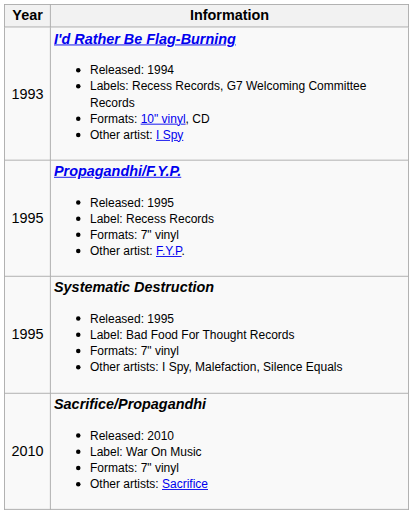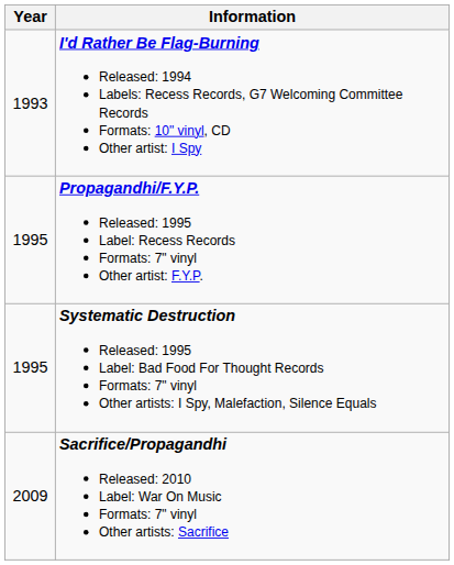 <table class="wikitable">
 <tr>
 <th rowspan="1" width="44">Year</th>
 <th rowspan="1" width="390">Information</th>
 </tr>
 <tr>
 <td align=center width="44">1993</td>
 <td width="390"><strong><em><a href='#'>I'd Rather Be Flag-Burning</a></em></strong><br><ul><li><small>Released: 1994</small></li><li><small>Labels: Recess Records, G7 Welcoming Committee Records</small></li><li><small>Formats: <a href='#'>10" vinyl</a>, CD</small></li><li><small>Other artist: <a href='#'>I Spy</a></small></li></ul></td>
 </tr>
 <tr>
 <td align=center width="44">1995</td>
 <td width="390"><strong><em><a href='#'>Propagandhi/F.Y.P.</a></em></strong><br><ul><li><small>Released: 1995</small></li><li><small>Label: Recess Records</small></li><li><small>Formats: 7" vinyl</small></li><li><small>Other artist: <a href='#'>F.Y.P</a>.</small></li></ul></td>
 </tr>
 <tr>
 <td align=center width="44">1995</td>
 <td width="390"><strong><em>Systematic Destruction</em></strong><br><ul><li><small>Released: 1995</small></li><li><small>Label: Bad Food For Thought Records</small></li><li><small>Formats: 7" vinyl</small></li><li><small>Other artists: I Spy, Malefaction, Silence Equals</small></li></ul></td>
 </tr>
 <tr>
-<td align=center width="44">2010</td>
+<td align=center width="44">2009</td>
 <td width="390"><strong><em>Sacrifice/Propagandhi</em></strong><br><ul><li><small>Released: 2010</small></li><li><small>Label: War On Music</small></li><li><small>Formats: 7" vinyl</small></li><li><small>Other artists: <a href='#'>Sacrifice</a></small></li></ul></td>
 </tr>
 </table>
